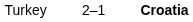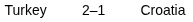 <table style="text-align:center">
 <tr>
 <th width=200></th>
 <th width=100></th>
 <th width=200></th>
 </tr>
 <tr>
 <td align=right>Turkey</td>
 <td>2–1</td>
-<td align=left><strong>Croatia</strong></td>
+<td align=left>Croatia</td>
 </tr>
 <tr>
 </tr>
 </table>
